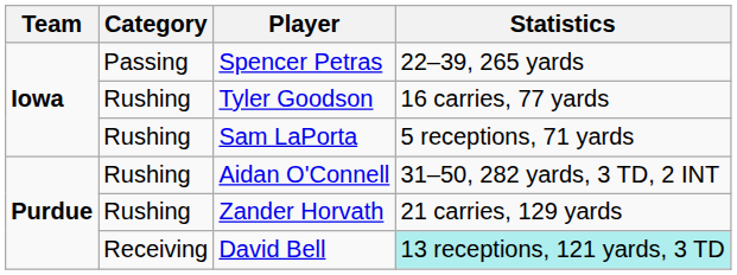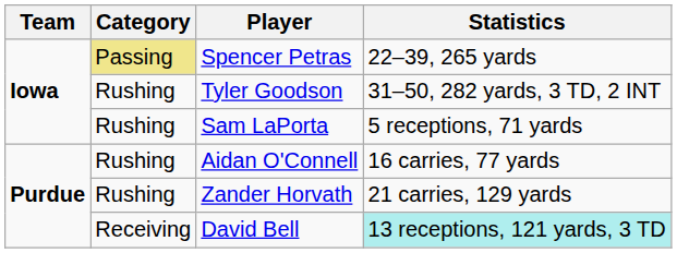 <table class="wikitable" style="float: left;">
 <tr>
 <th>Team</th>
 <th>Category</th>
 <th>Player</th>
 <th>Statistics</th>
 </tr>
 <tr>
 <td rowspan=3><strong>Iowa</strong></td>
-<td>Passing</td>
+<td style="background: khaki;">Passing</td>
 <td><a href='#'>Spencer Petras</a></td>
 <td>22–39, 265 yards</td>
 </tr>
 <tr>
 <td>Rushing</td>
 <td><a href='#'>Tyler Goodson</a></td>
-<td>16 carries, 77 yards</td>
+<td>31–50, 282 yards, 3 TD,  2 INT</td>
 </tr>
 <tr>
 <td>Rushing</td>
 <td><a href='#'>Sam LaPorta</a></td>
 <td>5 receptions, 71 yards</td>
 </tr>
 <tr>
 <td rowspan=3><strong>Purdue</strong></td>
 <td>Rushing</td>
 <td><a href='#'>Aidan O'Connell</a></td>
-<td>31–50, 282 yards, 3 TD,  2 INT</td>
+<td>16 carries, 77 yards</td>
 </tr>
 <tr>
 <td>Rushing</td>
 <td><a href='#'>Zander Horvath</a></td>
 <td>21 carries, 129 yards</td>
 </tr>
 <tr>
 <td>Receiving</td>
 <td><a href='#'>David Bell</a></td>
 <td style="background: paleturquoise;">13 receptions, 121 yards, 3 TD</td>
 </tr>
 </table>
